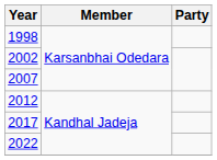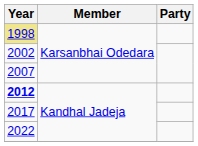 <table class="wikitable sortable">
 <tr>
 <th>Year</th>
 <th>Member</th>
 <th colspan="2">Party</th>
 </tr>
 <tr>
-<td><a href='#'>1998</a></td>
+<td style="background: khaki;"><a href='#'>1998</a></td>
 <td rowspan="3"><a href='#'>Karsanbhai Odedara</a></td>
 <td></td>
 </tr>
 <tr>
 <td><a href='#'>2002</a></td>
 </tr>
 <tr>
 <td><a href='#'>2007</a></td>
 </tr>
 <tr>
-<td><a href='#'>2012</a></td>
+<td><strong><a href='#'>2012</a></strong></td>
 <td rowspan="3"><a href='#'>Kandhal Jadeja</a></td>
 <td></td>
 </tr>
 <tr>
 <td><a href='#'>2017</a></td>
 </tr>
 <tr>
 <td><a href='#'>2022</a></td>
 <td></td>
 </tr>
 <tr>
 </tr>
 </table>
